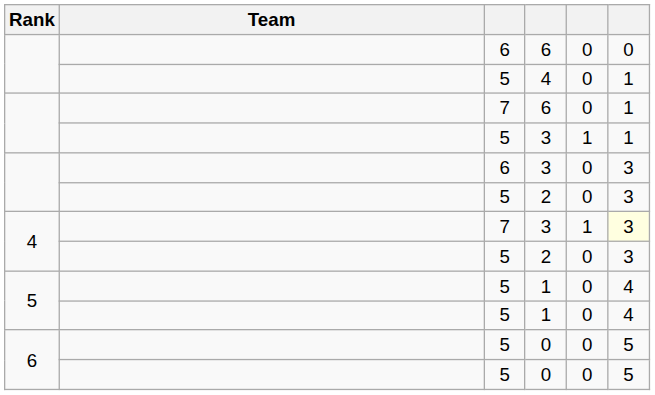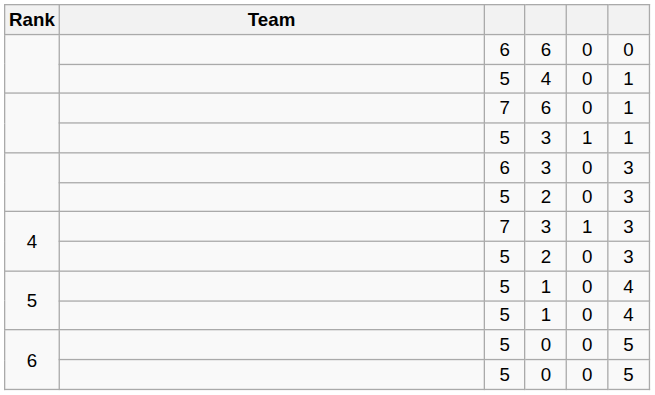 <table class="wikitable" style="text-align: center; font-size:90% ">
 <tr>
 <th width=35>Rank</th>
 <th width=320>Team</th>
 <th width=25></th>
 <th width=25></th>
 <th width=25></th>
 <th width=25></th>
 </tr>
 <tr>
 <td rowspan=2></td>
 <td align=left></td>
 <td>6</td>
 <td>6</td>
 <td>0</td>
 <td>0</td>
 </tr>
 <tr>
 <td align=left></td>
 <td>5</td>
 <td>4</td>
 <td>0</td>
 <td>1</td>
 </tr>
 <tr>
 <td rowspan=2></td>
 <td align=left></td>
 <td>7</td>
 <td>6</td>
 <td>0</td>
 <td>1</td>
 </tr>
 <tr>
 <td align=left></td>
 <td>5</td>
 <td>3</td>
 <td>1</td>
 <td>1</td>
 </tr>
 <tr>
 <td rowspan=2></td>
 <td align=left></td>
 <td>6</td>
 <td>3</td>
 <td>0</td>
 <td>3</td>
 </tr>
 <tr>
 <td align=left></td>
 <td>5</td>
 <td>2</td>
 <td>0</td>
 <td>3</td>
 </tr>
 <tr>
 <td rowspan=2>4</td>
 <td align=left></td>
 <td>7</td>
 <td>3</td>
 <td>1</td>
-<td style="background: lightyellow;">3</td>
+<td>3</td>
 </tr>
 <tr>
 <td align=left></td>
 <td>5</td>
 <td>2</td>
 <td>0</td>
 <td>3</td>
 </tr>
 <tr>
 <td rowspan=2>5</td>
 <td align=left></td>
 <td>5</td>
 <td>1</td>
 <td>0</td>
 <td>4</td>
 </tr>
 <tr>
 <td align=left></td>
 <td>5</td>
 <td>1</td>
 <td>0</td>
 <td>4</td>
 </tr>
 <tr>
 <td rowspan=2>6</td>
 <td align=left></td>
 <td>5</td>
 <td>0</td>
 <td>0</td>
 <td>5</td>
 </tr>
 <tr>
 <td align=left></td>
 <td>5</td>
 <td>0</td>
 <td>0</td>
 <td>5</td>
 </tr>
 </table>
